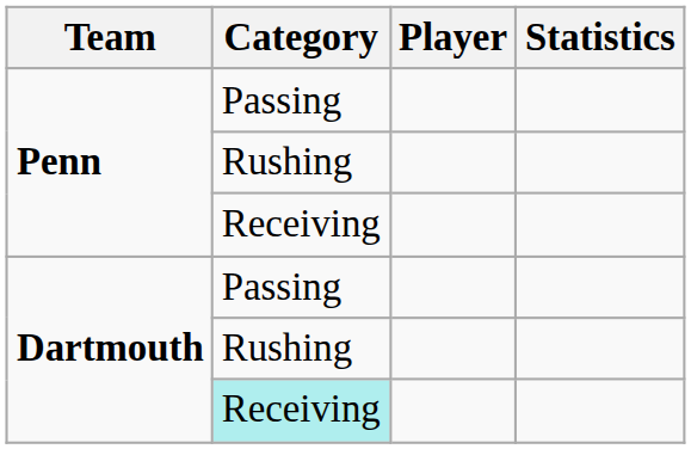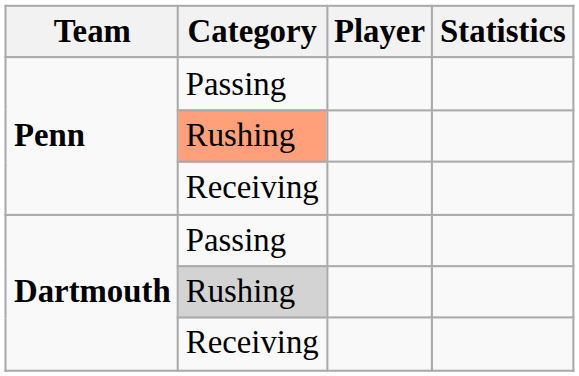 <table class="wikitable" style="float: right;">
 <tr>
 <th>Team</th>
 <th>Category</th>
 <th>Player</th>
 <th>Statistics</th>
 </tr>
 <tr>
 <td rowspan=3><strong>Penn</strong></td>
 <td>Passing</td>
 <td></td>
 <td></td>
 </tr>
 <tr>
-<td>Rushing</td>
+<td style="background: lightsalmon;">Rushing</td>
 <td></td>
 <td></td>
 </tr>
 <tr>
 <td>Receiving</td>
 <td></td>
 <td></td>
 </tr>
 <tr>
 <td rowspan=3><strong>Dartmouth</strong></td>
 <td>Passing</td>
 <td></td>
 <td></td>
 </tr>
 <tr>
-<td>Rushing</td>
+<td style="background: lightgrey;">Rushing</td>
 <td></td>
 <td></td>
 </tr>
 <tr>
-<td style="background: paleturquoise;">Receiving</td>
+<td>Receiving</td>
 <td></td>
 <td></td>
 </tr>
 </table>
